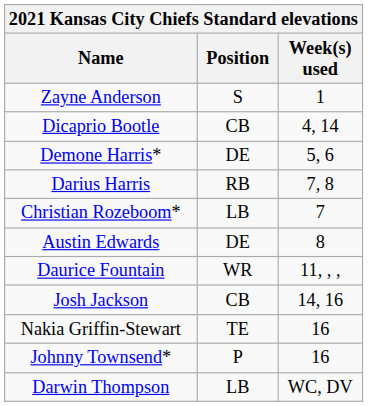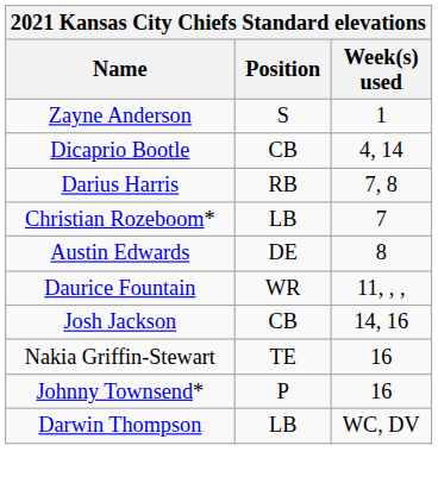 <table class="wikitable" style="text-align:center">
 <tr>
 <th colspan=3>2021 Kansas City Chiefs Standard elevations</th>
 </tr>
 <tr>
 <th>Name</th>
 <th>Position</th>
 <th>Week(s)<br>used</th>
 </tr>
 <tr>
 <td><a href='#'>Zayne Anderson</a></td>
 <td>S</td>
 <td>1</td>
 </tr>
 <tr>
 <td><a href='#'>Dicaprio Bootle</a></td>
 <td>CB</td>
 <td>4, 14</td>
-</tr>
-<tr>
-<td><a href='#'>Demone Harris</a>*</td>
-<td>DE</td>
-<td>5, 6</td>
 </tr>
 <tr>
 <td><a href='#'>Darius Harris</a></td>
 <td>RB</td>
 <td>7, 8</td>
 </tr>
 <tr>
 <td><a href='#'>Christian Rozeboom</a>*</td>
 <td>LB</td>
 <td>7</td>
 </tr>
 <tr>
 <td><a href='#'>Austin Edwards</a></td>
 <td>DE</td>
 <td>8</td>
 </tr>
 <tr>
 <td><a href='#'>Daurice Fountain</a></td>
 <td>WR</td>
 <td>11, , , </td>
 </tr>
 <tr>
 <td><a href='#'>Josh Jackson</a></td>
 <td>CB</td>
 <td>14, 16</td>
 </tr>
 <tr>
 <td>Nakia Griffin-Stewart</td>
 <td>TE</td>
 <td>16</td>
 </tr>
 <tr>
 <td><a href='#'>Johnny Townsend</a>*</td>
 <td>P</td>
 <td>16</td>
 </tr>
 <tr>
 <td><a href='#'>Darwin Thompson</a></td>
 <td>LB</td>
 <td>WC, DV</td>
 </tr>
 </table>
